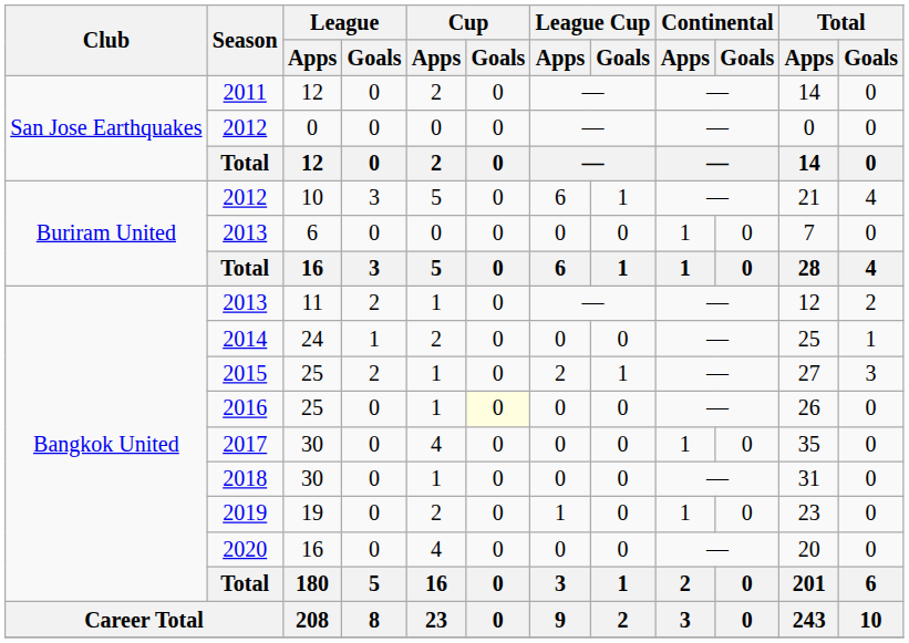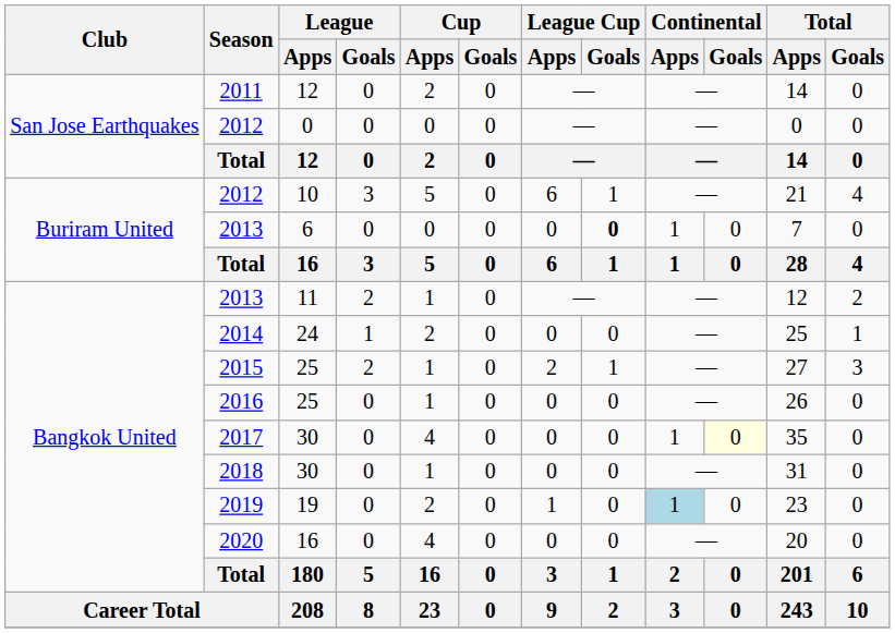 <table class="wikitable" style="text-align:center">
 <tr>
 <th rowspan="2">Club</th>
 <th rowspan="2">Season</th>
 <th colspan="2">League</th>
 <th colspan="2">Cup</th>
 <th colspan="2">League Cup</th>
 <th colspan="2">Continental</th>
 <th colspan="2">Total</th>
 </tr>
 <tr>
 <th>Apps</th>
 <th>Goals</th>
 <th>Apps</th>
 <th>Goals</th>
 <th>Apps</th>
 <th>Goals</th>
 <th>Apps</th>
 <th>Goals</th>
 <th>Apps</th>
 <th>Goals</th>
 </tr>
 <tr>
 <td rowspan="3"><a href='#'>San Jose Earthquakes</a></td>
 <td><a href='#'>2011</a></td>
 <td>12</td>
 <td>0</td>
 <td>2</td>
 <td>0</td>
 <td colspan="2">—</td>
 <td colspan="2">—</td>
 <td>14</td>
 <td>0</td>
 </tr>
 <tr>
 <td><a href='#'>2012</a></td>
 <td>0</td>
 <td>0</td>
 <td>0</td>
 <td>0</td>
 <td colspan="2">—</td>
 <td colspan="2">—</td>
 <td>0</td>
 <td>0</td>
 </tr>
 <tr>
 <th colspan=1>Total</th>
 <th>12</th>
 <th>0</th>
 <th>2</th>
 <th>0</th>
 <th colspan="2">—</th>
 <th colspan="2">—</th>
 <th>14</th>
 <th>0</th>
 </tr>
 <tr>
 <td rowspan="3"><a href='#'>Buriram United</a></td>
 <td><a href='#'>2012</a></td>
 <td>10</td>
 <td>3</td>
 <td>5</td>
 <td>0</td>
 <td>6</td>
 <td>1</td>
 <td colspan="2">—</td>
 <td>21</td>
 <td>4</td>
 </tr>
 <tr>
 <td><a href='#'>2013</a></td>
 <td>6</td>
 <td>0</td>
 <td>0</td>
 <td>0</td>
 <td>0</td>
-<td>0</td>
+<td><strong>0</strong></td>
 <td>1</td>
 <td>0</td>
 <td>7</td>
 <td>0</td>
 </tr>
 <tr>
 <th colspan=1>Total</th>
 <th>16</th>
 <th>3</th>
 <th>5</th>
 <th>0</th>
 <th>6</th>
 <th>1</th>
 <th>1</th>
 <th>0</th>
 <th>28</th>
 <th>4</th>
 </tr>
 <tr>
 <td rowspan="9"><a href='#'>Bangkok United</a></td>
 <td><a href='#'>2013</a></td>
 <td>11</td>
 <td>2</td>
 <td>1</td>
 <td>0</td>
 <td colspan="2">—</td>
 <td colspan="2">—</td>
 <td>12</td>
 <td>2</td>
 </tr>
 <tr>
 <td><a href='#'>2014</a></td>
 <td>24</td>
 <td>1</td>
 <td>2</td>
 <td>0</td>
 <td>0</td>
 <td>0</td>
 <td colspan="2">—</td>
 <td>25</td>
 <td>1</td>
 </tr>
 <tr>
 <td><a href='#'>2015</a></td>
 <td>25</td>
 <td>2</td>
 <td>1</td>
 <td>0</td>
 <td>2</td>
 <td>1</td>
 <td colspan="2">—</td>
 <td>27</td>
 <td>3</td>
 </tr>
 <tr>
 <td><a href='#'>2016</a></td>
 <td>25</td>
 <td>0</td>
 <td>1</td>
-<td style="background: lightyellow;">0</td>
+<td>0</td>
 <td>0</td>
 <td>0</td>
 <td colspan="2">—</td>
 <td>26</td>
 <td>0</td>
 </tr>
 <tr>
 <td><a href='#'>2017</a></td>
 <td>30</td>
 <td>0</td>
 <td>4</td>
 <td>0</td>
 <td>0</td>
 <td>0</td>
 <td>1</td>
-<td>0</td>
+<td style="background: lightyellow;">0</td>
 <td>35</td>
 <td>0</td>
 </tr>
 <tr>
 <td><a href='#'>2018</a></td>
 <td>30</td>
 <td>0</td>
 <td>1</td>
 <td>0</td>
 <td>0</td>
 <td>0</td>
 <td colspan="2">—</td>
 <td>31</td>
 <td>0</td>
 </tr>
 <tr>
 <td><a href='#'>2019</a></td>
 <td>19</td>
 <td>0</td>
 <td>2</td>
 <td>0</td>
 <td>1</td>
 <td>0</td>
-<td>1</td>
+<td style="background: lightblue;">1</td>
 <td>0</td>
 <td>23</td>
 <td>0</td>
 </tr>
 <tr>
 <td><a href='#'>2020</a></td>
 <td>16</td>
 <td>0</td>
 <td>4</td>
 <td>0</td>
 <td>0</td>
 <td>0</td>
 <td colspan="2">—</td>
 <td>20</td>
 <td>0</td>
 </tr>
 <tr>
 <th colspan="1">Total</th>
 <th>180</th>
 <th>5</th>
 <th>16</th>
 <th>0</th>
 <th>3</th>
 <th>1</th>
 <th>2</th>
 <th>0</th>
 <th>201</th>
 <th>6</th>
 </tr>
 <tr>
 <th colspan="2">Career Total</th>
 <th>208</th>
 <th>8</th>
 <th>23</th>
 <th>0</th>
 <th>9</th>
 <th>2</th>
 <th>3</th>
 <th>0</th>
 <th>243</th>
 <th>10</th>
 </tr>
 <tr>
 </tr>
 </table>
